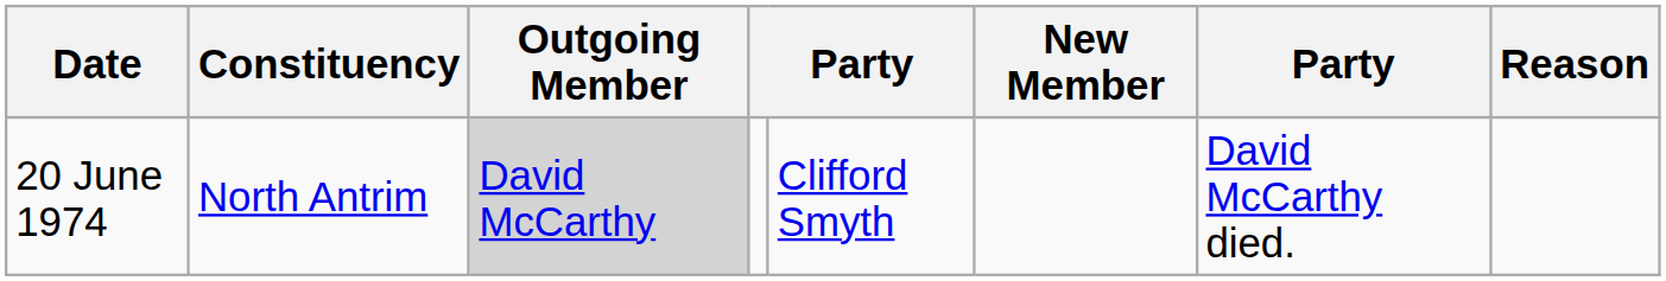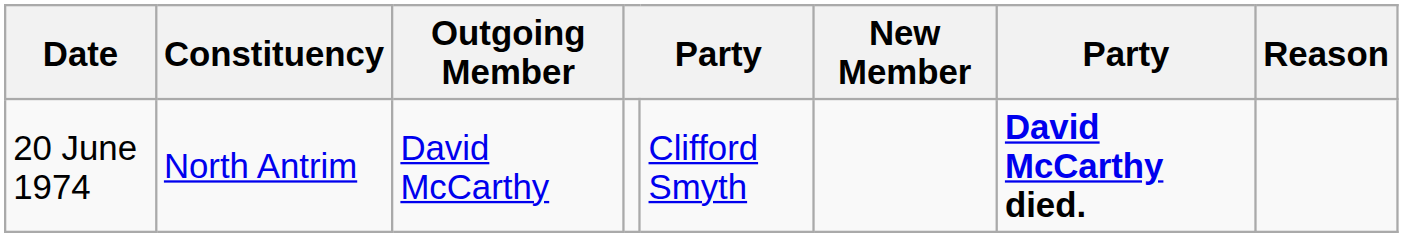 <table class="wikitable" style="font-size: 95%;">
 <tr>
 <th>Date</th>
 <th>Constituency</th>
 <th>Outgoing Member</th>
 <th colspan="2">Party</th>
 <th>New Member</th>
 <th colspan="2">Party</th>
 <th>Reason</th>
 </tr>
 <tr>
 <td>20 June 1974</td>
 <td><a href='#'>North Antrim</a></td>
-<td style="background: lightgrey;"><a href='#'>David McCarthy</a></td>
+<td><a href='#'>David McCarthy</a></td>
 <td></td>
 <td><a href='#'>Clifford Smyth</a></td>
 <td></td>
-<td><a href='#'>David McCarthy</a> died.</td>
+<td><strong><a href='#'>David McCarthy</a> died.</strong></td>
 </tr>
 </table>
